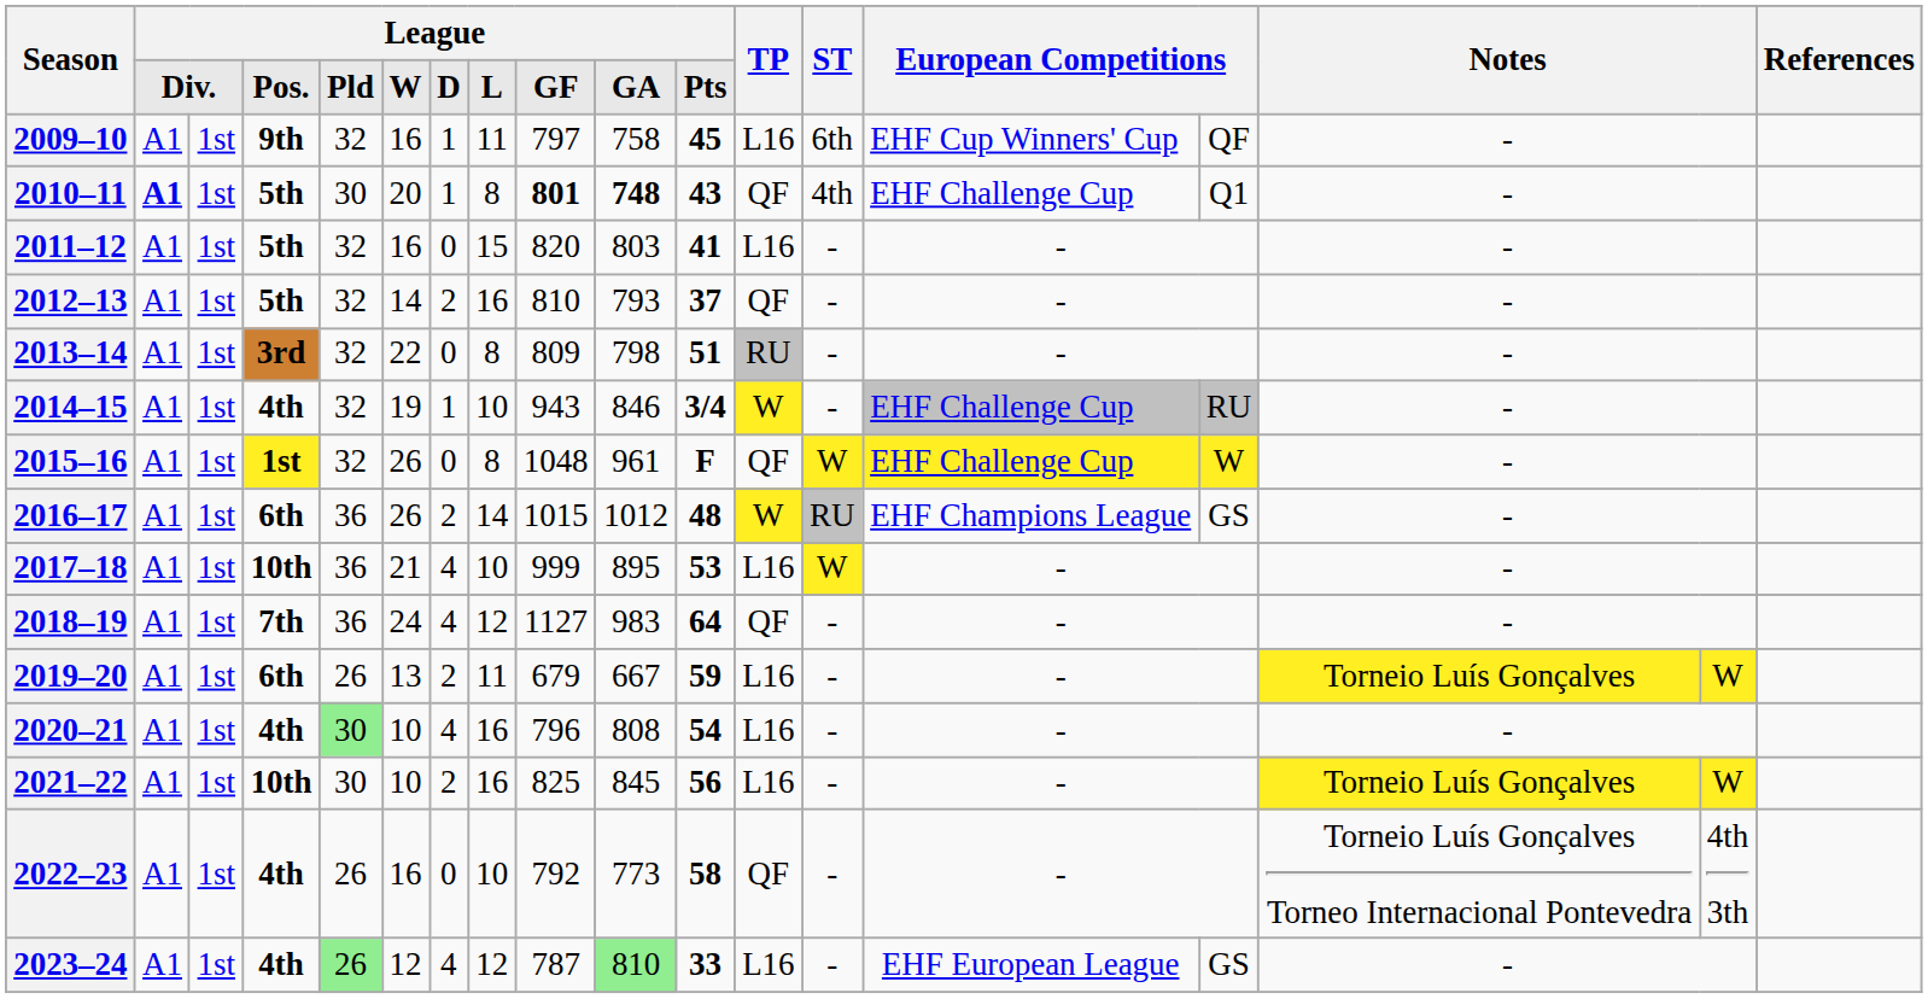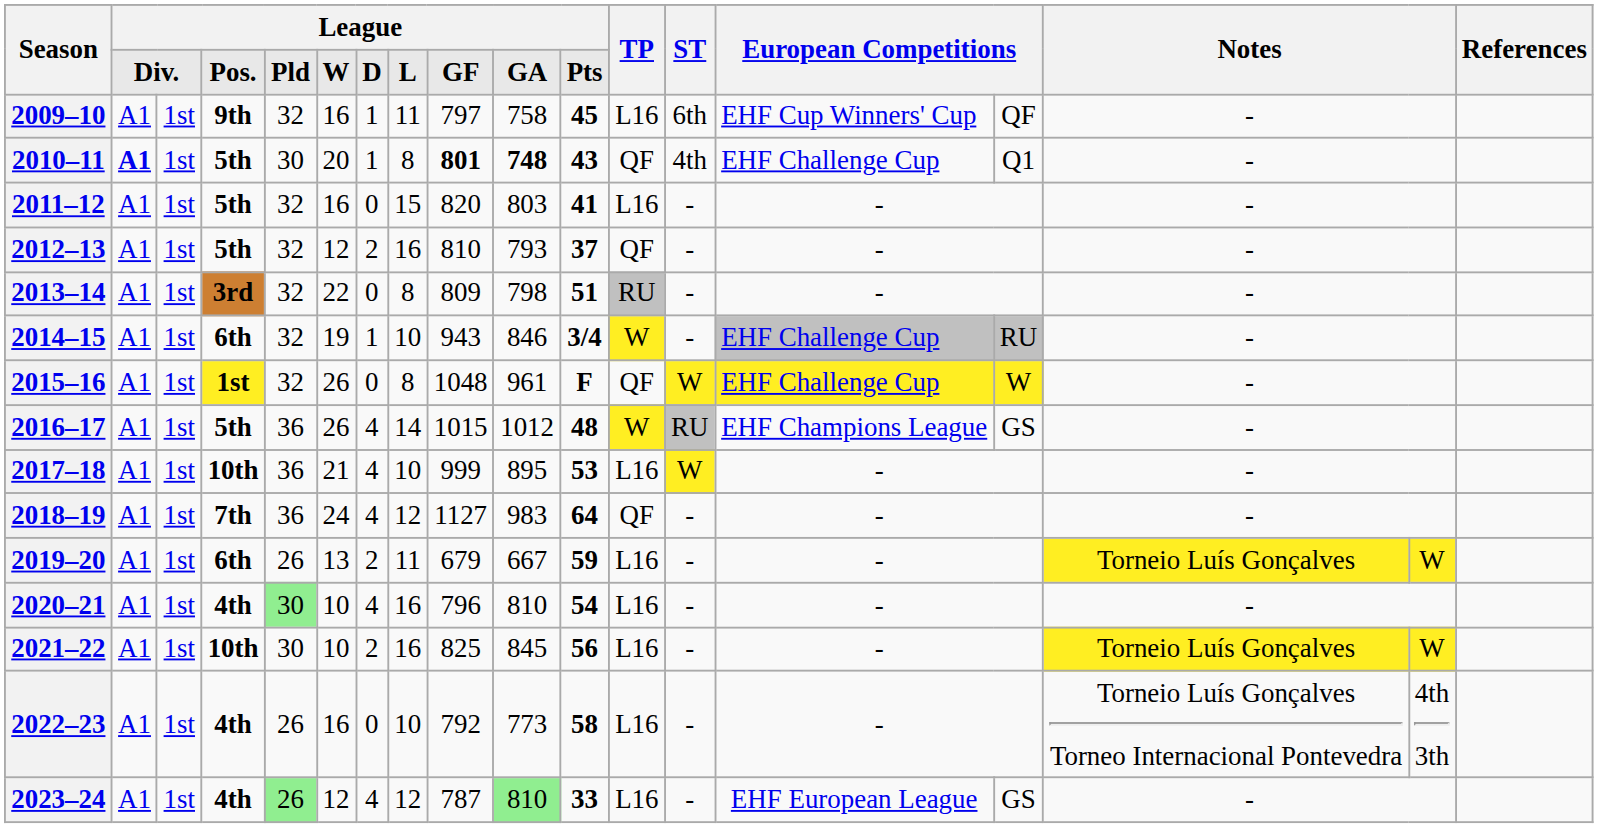 <table class="wikitable" style="font-size:90%; text-align: center;  height: 50px;">
 <tr>
 <th rowspan="2">Season</th>
 <th colspan="10">League</th>
 <th align=center rowspan="2"><a href='#'>TP</a></th>
 <th align=center rowspan="2"><a href='#'>ST</a></th>
 <th colspan="2" rowspan="2"><a href='#'>European Competitions</a></th>
 <th colspan="2" rowspan="2">Notes</th>
 <th rowspan="2">References</th>
 </tr>
 <tr>
 <td colspan="2" bgcolor="#E8E8E8"><strong>Div.</strong><br></td>
 <td bgcolor="#E8E8E8"><strong>Pos.</strong></td>
 <td bgcolor="#E8E8E8"><strong>Pld</strong></td>
 <td bgcolor="#E8E8E8"><strong>W</strong></td>
 <td bgcolor="#E8E8E8"><strong>D</strong></td>
 <td bgcolor="#E8E8E8"><strong>L</strong></td>
 <td bgcolor="#E8E8E8"><strong>GF</strong></td>
 <td bgcolor="#E8E8E8"><strong>GA</strong></td>
 <td bgcolor="#E8E8E8"><strong>Pts</strong></td>
 </tr>
 <tr>
 <th><a href='#'>2009–10</a></th>
 <td><a href='#'>A1</a></td>
 <td><a href='#'>1st</a></td>
 <td><strong>9th</strong></td>
 <td>32</td>
 <td>16</td>
 <td>1</td>
 <td>11</td>
 <td>797</td>
 <td>758</td>
 <td><strong>45</strong></td>
 <td>L16</td>
 <td>6th</td>
 <td align="left"><a href='#'>EHF Cup Winners' Cup</a></td>
 <td>QF</td>
 <td colspan="2">-</td>
 <td></td>
 </tr>
 <tr>
 <th><a href='#'>2010–11</a></th>
 <td><strong><a href='#'>A1</a></strong></td>
 <td><a href='#'>1st</a></td>
 <td><strong>5th</strong></td>
 <td>30</td>
 <td>20</td>
 <td>1</td>
 <td>8</td>
 <td><strong>801</strong></td>
 <td><strong>748</strong></td>
 <td><strong>43</strong></td>
 <td>QF</td>
 <td>4th</td>
 <td align="left"><a href='#'>EHF Challenge Cup</a></td>
 <td>Q1</td>
 <td colspan="2">-</td>
 <td></td>
 </tr>
 <tr>
 <th><a href='#'>2011–12</a></th>
 <td><a href='#'>A1</a></td>
 <td><a href='#'>1st</a></td>
 <td><strong>5th</strong></td>
 <td>32</td>
 <td>16</td>
 <td>0</td>
 <td>15</td>
 <td>820</td>
 <td>803</td>
 <td><strong>41</strong></td>
 <td>L16</td>
 <td>-</td>
 <td colspan="2">-</td>
 <td colspan="2">-</td>
 <td></td>
 </tr>
 <tr>
 <th><a href='#'>2012–13</a></th>
 <td><a href='#'>A1</a></td>
 <td><a href='#'>1st</a></td>
 <td><strong>5th</strong></td>
 <td>32</td>
-<td>14</td>
+<td>12</td>
 <td>2</td>
 <td>16</td>
 <td>810</td>
 <td>793</td>
 <td><strong>37</strong></td>
 <td>QF</td>
 <td>-</td>
 <td colspan="2">-</td>
 <td colspan="2">-</td>
 <td></td>
 </tr>
 <tr>
 <th><a href='#'>2013–14</a></th>
 <td><a href='#'>A1</a></td>
 <td><a href='#'>1st</a></td>
 <td bgcolor="#CD7F32"><strong>3rd</strong></td>
 <td>32</td>
 <td>22</td>
 <td>0</td>
 <td>8</td>
 <td>809</td>
 <td>798</td>
 <td><strong>51</strong></td>
 <td bgcolor=silver>RU</td>
 <td>-</td>
 <td colspan="2">-</td>
 <td colspan="2">-</td>
 <td></td>
 </tr>
 <tr>
 <th><a href='#'>2014–15</a></th>
 <td><a href='#'>A1</a></td>
 <td><a href='#'>1st</a></td>
-<td><strong>4th</strong></td>
+<td><strong>6th</strong></td>
 <td>32</td>
 <td>19</td>
 <td>1</td>
 <td>10</td>
 <td>943</td>
 <td>846</td>
 <td><strong>3/4</strong></td>
 <td bgcolor="#FE2">W</td>
 <td>-</td>
 <td align="left" bgcolor=silver><a href='#'>EHF Challenge Cup</a></td>
 <td bgcolor=silver>RU</td>
 <td colspan="2">-</td>
 <td></td>
 </tr>
 <tr>
 <th><a href='#'>2015–16</a></th>
 <td><a href='#'>A1</a></td>
 <td><a href='#'>1st</a></td>
 <td bgcolor="#FE2"><strong>1st</strong></td>
 <td>32</td>
 <td>26</td>
 <td>0</td>
 <td>8</td>
 <td>1048</td>
 <td>961</td>
 <td><strong>F</strong></td>
 <td>QF</td>
 <td bgcolor="#FE2">W</td>
 <td align="left" bgcolor="#FE2"><a href='#'>EHF Challenge Cup</a></td>
 <td bgcolor="#FE2">W</td>
 <td colspan="2">-</td>
 <td></td>
 </tr>
 <tr>
 <th><a href='#'>2016–17</a></th>
 <td><a href='#'>A1</a></td>
 <td><a href='#'>1st</a></td>
-<td><strong>6th</strong></td>
+<td><strong>5th</strong></td>
 <td>36</td>
 <td>26</td>
-<td>2</td>
+<td>4</td>
 <td>14</td>
 <td>1015</td>
 <td>1012</td>
 <td><strong>48</strong></td>
 <td bgcolor="#FE2">W</td>
 <td bgcolor=silver>RU</td>
 <td align="left"><a href='#'>EHF Champions League</a></td>
 <td>GS</td>
 <td colspan="2">-</td>
 <td></td>
 </tr>
 <tr>
 <th><a href='#'>2017–18</a></th>
 <td><a href='#'>A1</a></td>
 <td><a href='#'>1st</a></td>
 <td><strong>10th</strong></td>
 <td>36</td>
 <td>21</td>
 <td>4</td>
 <td>10</td>
 <td>999</td>
 <td>895</td>
 <td><strong>53</strong></td>
 <td>L16</td>
 <td bgcolor="#FE2">W</td>
 <td colspan="2">-</td>
 <td colspan="2">-</td>
 <td></td>
 </tr>
 <tr>
 <th><a href='#'>2018–19</a></th>
 <td><a href='#'>A1</a></td>
 <td><a href='#'>1st</a></td>
 <td><strong>7th</strong></td>
 <td>36</td>
 <td>24</td>
 <td>4</td>
 <td>12</td>
 <td>1127</td>
 <td>983</td>
 <td><strong>64</strong></td>
 <td>QF</td>
 <td>-</td>
 <td colspan="2">-</td>
 <td colspan="2">-</td>
 <td></td>
 </tr>
 <tr>
 <th><a href='#'>2019–20</a></th>
 <td><a href='#'>A1</a></td>
 <td><a href='#'>1st</a></td>
 <td><strong>6th</strong></td>
 <td>26</td>
 <td>13</td>
 <td>2</td>
 <td>11</td>
 <td>679</td>
 <td>667</td>
 <td><strong>59</strong></td>
 <td>L16</td>
 <td>-</td>
 <td colspan="2">-</td>
 <td bgcolor="#FE2">Torneio Luís Gonçalves</td>
 <td bgcolor="#FE2">W</td>
 <td></td>
 </tr>
 <tr>
 <th><a href='#'>2020–21</a></th>
 <td><a href='#'>A1</a></td>
 <td><a href='#'>1st</a></td>
 <td><strong>4th</strong></td>
 <td style="background: lightgreen;">30</td>
 <td>10</td>
 <td>4</td>
 <td>16</td>
 <td>796</td>
-<td>808</td>
+<td>810</td>
 <td><strong>54</strong></td>
 <td>L16</td>
 <td>-</td>
 <td colspan="2">-</td>
 <td colspan="2">-</td>
 <td></td>
 </tr>
 <tr>
 <th><a href='#'>2021–22</a></th>
 <td><a href='#'>A1</a></td>
 <td><a href='#'>1st</a></td>
 <td><strong>10th</strong></td>
 <td>30</td>
 <td>10</td>
 <td>2</td>
 <td>16</td>
 <td>825</td>
 <td>845</td>
 <td><strong>56</strong></td>
 <td>L16</td>
 <td>-</td>
 <td colspan="2">-</td>
 <td bgcolor="#FE2">Torneio Luís Gonçalves</td>
 <td bgcolor="#FE2">W</td>
 <td></td>
 </tr>
 <tr>
 <th><a href='#'>2022–23</a></th>
 <td><a href='#'>A1</a></td>
 <td><a href='#'>1st</a></td>
 <td><strong>4th</strong></td>
 <td>26</td>
 <td>16</td>
 <td>0</td>
 <td>10</td>
 <td>792</td>
 <td>773</td>
 <td><strong>58</strong></td>
-<td>QF</td>
+<td>L16</td>
 <td>-</td>
 <td colspan="2">-</td>
 <td>Torneio Luís Gonçalves <hr> Torneo Internacional Pontevedra</td>
 <td>4th <hr> 3th</td>
 <td></td>
 </tr>
 <tr>
 <th><a href='#'>2023–24</a></th>
 <td><a href='#'>A1</a></td>
 <td><a href='#'>1st</a></td>
 <td><strong>4th</strong></td>
 <td style="background: lightgreen;">26</td>
 <td>12</td>
 <td>4</td>
 <td>12</td>
 <td>787</td>
 <td style="background: lightgreen;">810</td>
 <td><strong>33</strong></td>
 <td>L16</td>
 <td>-</td>
 <td><a href='#'>EHF European League</a></td>
 <td>GS</td>
 <td colspan="2">-</td>
 <td></td>
 </tr>
 </table>
